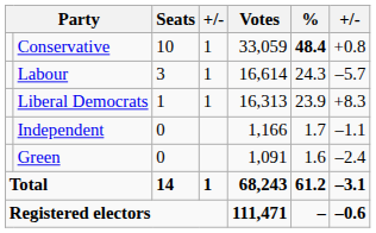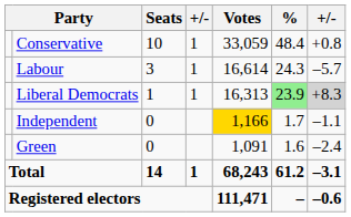 <table class="wikitable sortable">
 <tr>
 <th colspan="2">Party</th>
 <th>Seats</th>
 <th>+/-</th>
 <th>Votes</th>
 <th>%</th>
 <th>+/-</th>
 </tr>
 <tr>
 <td style="background-color: "></td>
 <td><a href='#'>Conservative</a></td>
 <td>10</td>
 <td> 1</td>
 <td style="text-align:right;">33,059</td>
-<td style="text-align:right;"><strong>48.4</strong></td>
+<td style="text-align:right;">48.4</td>
 <td style="text-align:right;">+0.8</td>
 </tr>
 <tr>
 <td style="background-color: "></td>
 <td><a href='#'>Labour</a></td>
 <td>3</td>
 <td> 1</td>
 <td style="text-align:right;">16,614</td>
 <td style="text-align:right;">24.3</td>
 <td style="text-align:right;">–5.7</td>
 </tr>
 <tr>
 <td style="background-color: "></td>
 <td><a href='#'>Liberal Democrats</a></td>
 <td>1</td>
 <td> 1</td>
 <td style="text-align:right;">16,313</td>
-<td style="text-align:right;">23.9</td>
-<td style="text-align:right;">+8.3</td>
+<td style="background: lightgreen; text-align:right;">23.9</td>
+<td style="background: lightgrey; text-align:right;">+8.3</td>
 </tr>
 <tr>
 <td style="background-color: "></td>
 <td><a href='#'>Independent</a></td>
 <td>0</td>
 <td></td>
-<td style="text-align:right;">1,166</td>
+<td style="background: gold; text-align:right;">1,166</td>
 <td style="text-align:right;">1.7</td>
 <td style="text-align:right;">–1.1</td>
 </tr>
 <tr>
 <td style="background-color: "></td>
 <td><a href='#'>Green</a></td>
 <td>0</td>
 <td></td>
 <td style="text-align:right;">1,091</td>
 <td style="text-align:right;">1.6</td>
 <td style="text-align:right;">–2.4</td>
 </tr>
 <tr>
 <td colspan="2"><strong>Total</strong></td>
 <td><strong>14</strong></td>
 <td> <strong>1</strong></td>
 <td style="text-align:right;"><strong>68,243</strong></td>
 <td style="text-align:right;"><strong>61.2</strong></td>
 <td style="text-align:right;"><strong>–3.1</strong></td>
 </tr>
 <tr>
 <td colspan="4"><strong>Registered electors</strong></td>
 <td style="text-align:right;"><strong>111,471</strong></td>
 <td style="text-align:right;"><strong>–</strong></td>
 <td style="text-align:right;"><strong>–0.6</strong></td>
 </tr>
 </table>
